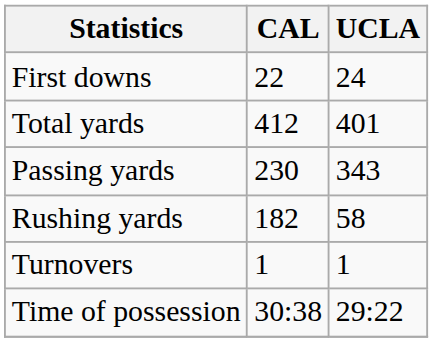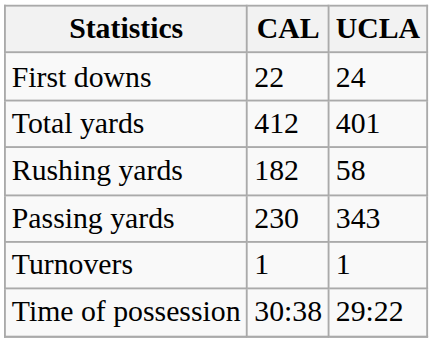 <table class="wikitable" style="float: left;">
 <tr>
 <th>Statistics</th>
 <th>CAL</th>
 <th>UCLA</th>
 </tr>
 <tr>
 <td>First downs</td>
 <td>22</td>
 <td>24</td>
 </tr>
 <tr>
 <td>Total yards</td>
 <td>412</td>
 <td>401</td>
 </tr>
 <tr>
+<td>Rushing yards</td>
+<td>182</td>
+<td>58</td>
+</tr>
+<tr>
 <td>Passing yards</td>
 <td>230</td>
 <td>343</td>
-</tr>
-<tr>
-<td>Rushing yards</td>
-<td>182</td>
-<td>58</td>
 </tr>
 <tr>
 <td>Turnovers</td>
 <td>1</td>
 <td>1</td>
 </tr>
 <tr>
 <td>Time of possession</td>
 <td>30:38</td>
 <td>29:22</td>
 </tr>
 <tr>
 </tr>
 </table>
